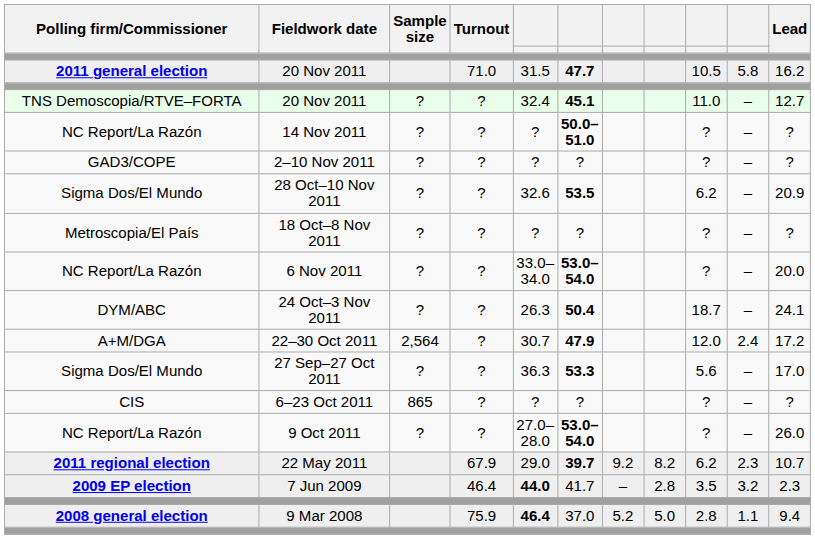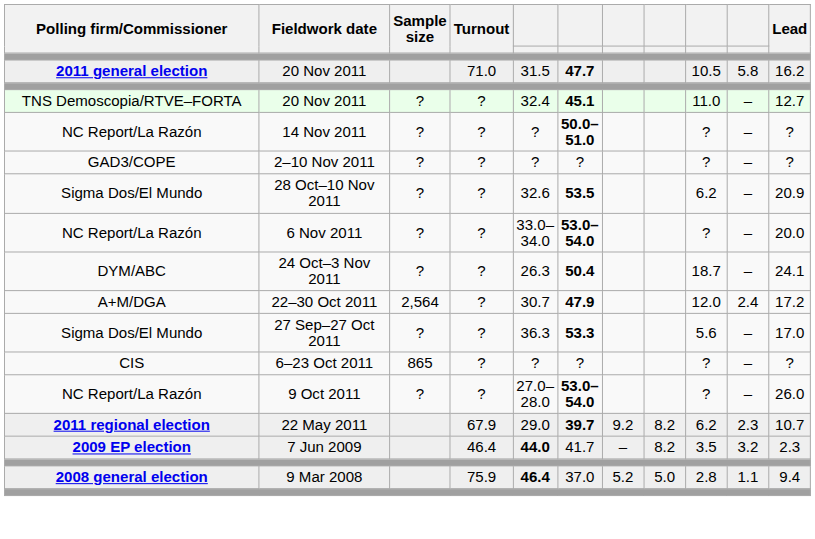 <table class="wikitable collapsible collapsed" style="text-align:center; font-size:95%; line-height:16px;">
 <tr style="height:42px;">
 <th style="width:250px;" rowspan="2">Polling firm/Commissioner</th>
 <th style="width:125px;" rowspan="2">Fieldwork date</th>
 <th style="width:50px;" rowspan="2">Sample size</th>
 <th style="width:45px;" rowspan="2">Turnout</th>
 <th style="width:35px;"></th>
 <th style="width:35px;"></th>
 <th style="width:35px;"></th>
 <th style="width:35px;"></th>
 <th style="width:35px;"></th>
 <th style="width:35px;"></th>
 <th style="width:30px;" rowspan="2">Lead</th>
 </tr>
 <tr>
 <th style="color:inherit;background:"></th>
 <th style="color:inherit;background:"></th>
 <th style="color:inherit;background:"></th>
 <th style="color:inherit;background:"></th>
 <th style="color:inherit;background:"></th>
 <th style="color:inherit;background:"></th>
 </tr>
 <tr>
 <td colspan="11" style="background:#A0A0A0"></td>
 </tr>
 <tr style="background:#EFEFEF;">
 <td><strong><a href='#'>2011 general election</a></strong></td>
 <td>20 Nov 2011</td>
 <td></td>
 <td>71.0</td>
 <td>31.5<br></td>
 <td><strong>47.7</strong><br></td>
 <td></td>
 <td></td>
 <td>10.5<br></td>
 <td>5.8<br></td>
 <td style="background:">16.2</td>
 </tr>
 <tr>
 <td colspan="11" style="background:#A0A0A0"></td>
 </tr>
 <tr style="background:#EAFFEA;">
 <td>TNS Demoscopia/RTVE–FORTA</td>
 <td>20 Nov 2011</td>
 <td>?</td>
 <td>?</td>
 <td>32.4<br></td>
 <td><strong>45.1</strong><br></td>
 <td></td>
 <td></td>
 <td>11.0<br></td>
 <td>–</td>
 <td style="background:">12.7</td>
 </tr>
 <tr>
 <td>NC Report/La Razón</td>
 <td>14 Nov 2011</td>
 <td>?</td>
 <td>?</td>
 <td>?<br></td>
 <td><strong>50.0–<br>51.0</strong><br></td>
 <td></td>
 <td></td>
 <td>?<br></td>
 <td>–</td>
 <td style="background:">?</td>
 </tr>
 <tr>
 <td>GAD3/COPE</td>
 <td>2–10 Nov 2011</td>
 <td>?</td>
 <td>?</td>
 <td>?<br></td>
 <td>?<br></td>
 <td></td>
 <td></td>
 <td>?<br></td>
 <td>–</td>
 <td style="background:">?</td>
 </tr>
 <tr>
 <td>Sigma Dos/El Mundo</td>
 <td>28 Oct–10 Nov 2011</td>
 <td>?</td>
 <td>?</td>
 <td>32.6<br></td>
 <td><strong>53.5</strong><br></td>
 <td></td>
 <td></td>
 <td>6.2<br></td>
 <td>–</td>
 <td style="background:">20.9</td>
-</tr>
-<tr>
-<td>Metroscopia/El País</td>
-<td>18 Oct–8 Nov 2011</td>
-<td>?</td>
-<td>?</td>
-<td>?<br></td>
-<td>?<br></td>
-<td></td>
-<td></td>
-<td>?<br></td>
-<td>–</td>
-<td style="background:">?</td>
 </tr>
 <tr>
 <td>NC Report/La Razón</td>
 <td>6 Nov 2011</td>
 <td>?</td>
 <td>?</td>
 <td>33.0–<br>34.0<br></td>
 <td><strong>53.0–<br>54.0</strong><br></td>
 <td></td>
 <td></td>
 <td>?<br></td>
 <td>–</td>
 <td style="background:">20.0</td>
 </tr>
 <tr>
 <td>DYM/ABC</td>
 <td>24 Oct–3 Nov 2011</td>
 <td>?</td>
 <td>?</td>
 <td>26.3<br></td>
 <td><strong>50.4</strong><br></td>
 <td></td>
 <td></td>
 <td>18.7<br></td>
 <td>–</td>
 <td style="background:">24.1</td>
 </tr>
 <tr>
 <td>A+M/DGA</td>
 <td>22–30 Oct 2011</td>
 <td>2,564</td>
 <td>?</td>
 <td>30.7<br></td>
 <td><strong>47.9</strong><br></td>
 <td></td>
 <td></td>
 <td>12.0<br></td>
 <td>2.4<br></td>
 <td style="background:">17.2</td>
 </tr>
 <tr>
 <td>Sigma Dos/El Mundo</td>
 <td>27 Sep–27 Oct 2011</td>
 <td>?</td>
 <td>?</td>
 <td>36.3<br></td>
 <td><strong>53.3</strong><br></td>
 <td></td>
 <td></td>
 <td>5.6<br></td>
 <td>–</td>
 <td style="background:">17.0</td>
 </tr>
 <tr>
 <td>CIS</td>
 <td>6–23 Oct 2011</td>
 <td>865</td>
 <td>?</td>
 <td>?<br></td>
 <td>?<br></td>
 <td></td>
 <td></td>
 <td>?<br></td>
 <td>–</td>
 <td style="background:">?</td>
 </tr>
 <tr>
 <td>NC Report/La Razón</td>
 <td>9 Oct 2011</td>
 <td>?</td>
 <td>?</td>
 <td>27.0–<br>28.0<br></td>
 <td><strong>53.0–<br>54.0</strong><br></td>
 <td></td>
 <td></td>
 <td>?<br></td>
 <td>–</td>
 <td style="background:">26.0</td>
 </tr>
 <tr style="background:#EFEFEF;">
 <td><strong><a href='#'>2011 regional election</a></strong></td>
 <td>22 May 2011</td>
 <td></td>
 <td>67.9</td>
 <td>29.0<br></td>
 <td><strong>39.7</strong><br></td>
 <td>9.2<br></td>
 <td>8.2<br></td>
 <td>6.2<br></td>
 <td>2.3<br></td>
 <td style="background:">10.7</td>
 </tr>
 <tr style="background:#EFEFEF;">
 <td><strong><a href='#'>2009 EP election</a></strong></td>
 <td>7 Jun 2009</td>
 <td></td>
 <td>46.4</td>
 <td><strong>44.0</strong><br></td>
 <td>41.7<br></td>
 <td>–</td>
-<td>2.8<br></td>
+<td>8.2<br></td>
 <td>3.5<br></td>
 <td>3.2<br></td>
 <td style="background:">2.3</td>
 </tr>
 <tr>
 <td colspan="11" style="background:#A0A0A0"></td>
 </tr>
 <tr style="background:#EFEFEF;">
 <td><strong><a href='#'>2008 general election</a></strong></td>
 <td>9 Mar 2008</td>
 <td></td>
 <td>75.9</td>
 <td><strong>46.4</strong><br></td>
 <td>37.0<br></td>
 <td>5.2<br></td>
 <td>5.0<br></td>
 <td>2.8<br></td>
 <td>1.1<br></td>
 <td style="background:">9.4</td>
 </tr>
 <tr>
 <td colspan="11" style="background:#A0A0A0"></td>
 </tr>
 </table>
